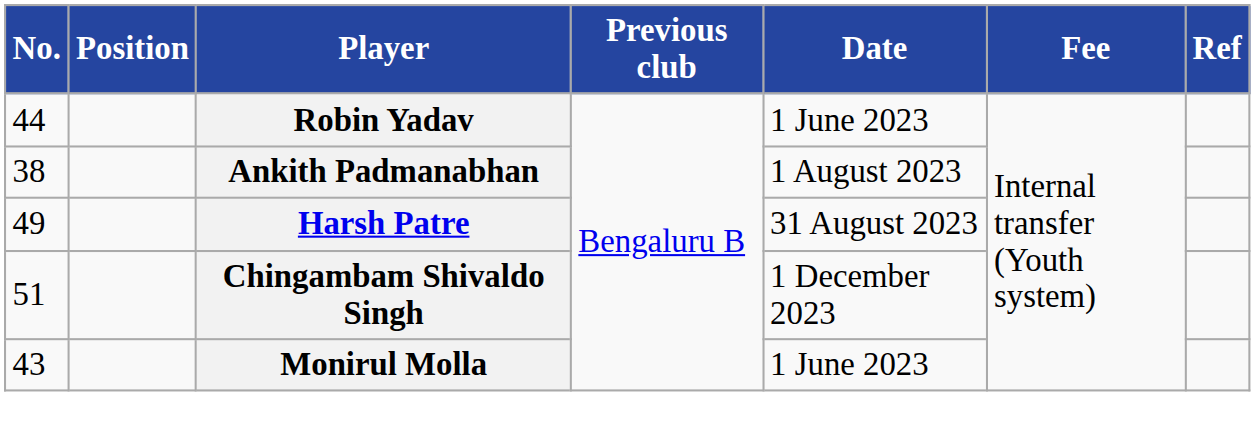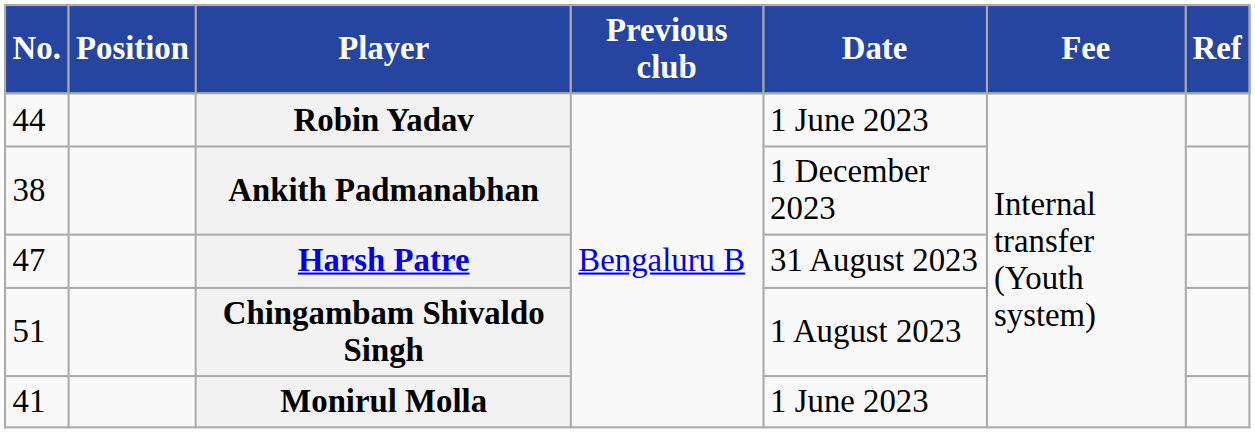 <table class="wikitable plainrowheaders" style="text-align:center; text-align:left">
 <tr>
 <th style="background:#2545A0; color:#FFFFFF; ">No.</th>
 <th scope="col" style="background:#2545A0; color:#FFFFFF; ">Position</th>
 <th scope="col" style="background:#2545A0; color:#FFFFFF; ">Player</th>
 <th scope="col" style="background:#2545A0; color:#FFFFFF; ">Previous club</th>
 <th scope="col" style="background:#2545A0; color:#FFFFFF; ">Date</th>
 <th scope="col" style="background:#2545A0; color:#FFFFFF; ">Fee</th>
 <th scope="col" style="background:#2545A0; color:#FFFFFF; ">Ref</th>
 </tr>
 <tr>
 <td>44</td>
 <td></td>
 <th scope="row"> Robin Yadav</th>
 <td rowspan=5> <a href='#'>Bengaluru B</a></td>
 <td>1 June 2023</td>
 <td rowspan="25">Internal transfer <br> (Youth system)</td>
 <td></td>
 </tr>
 <tr>
 <td>38</td>
 <td></td>
 <th scope="row"> Ankith Padmanabhan</th>
-<td>1 August 2023</td>
+<td>1 December 2023</td>
 <td></td>
 </tr>
 <tr>
-<td>49</td>
+<td>47</td>
 <td></td>
 <th scope="row"> <a href='#'>Harsh Patre</a></th>
 <td>31 August 2023</td>
 <td></td>
 </tr>
 <tr>
 <td>51</td>
 <td></td>
 <th scope="row"> Chingambam Shivaldo Singh</th>
-<td>1 December 2023</td>
+<td>1 August 2023</td>
 <td></td>
 </tr>
 <tr>
-<td>43</td>
+<td>41</td>
 <td></td>
 <th scope="row"> Monirul Molla</th>
 <td>1 June 2023</td>
 <td></td>
 </tr>
 </table>
